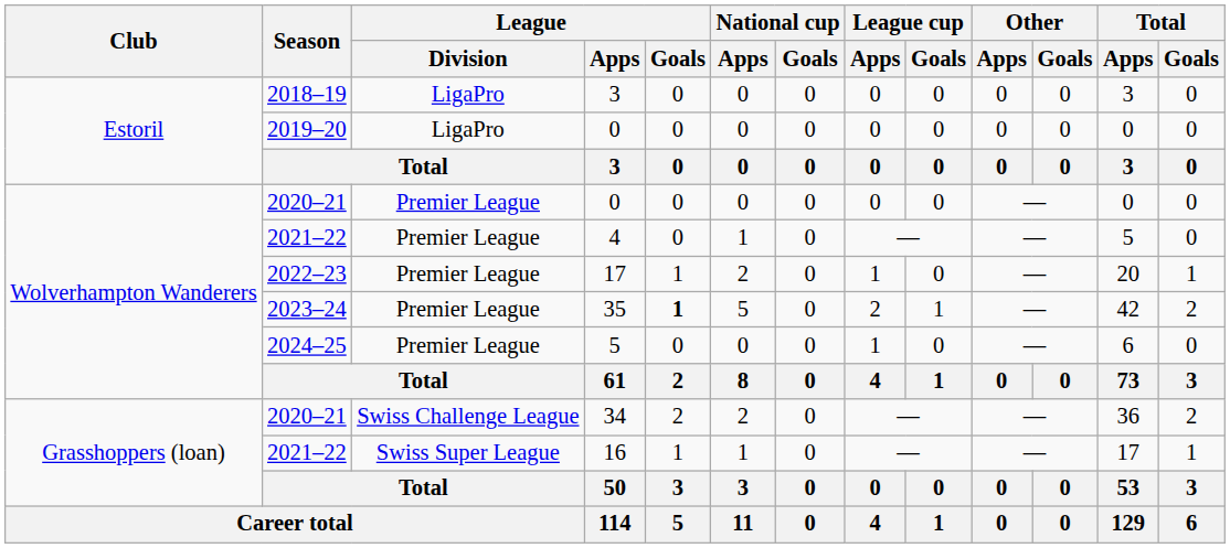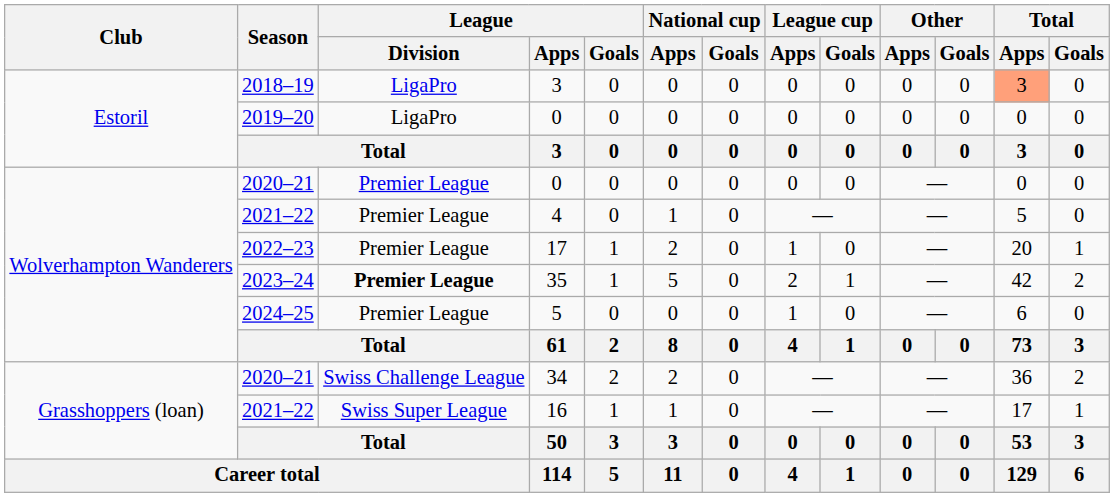 <table class="wikitable" style="text-align: center;">
 <tr>
 <th rowspan="2">Club</th>
 <th rowspan="2">Season</th>
 <th colspan="3">League</th>
 <th colspan="2">National cup</th>
 <th colspan="2">League cup</th>
 <th colspan="2">Other</th>
 <th colspan="2">Total</th>
 </tr>
 <tr>
 <th>Division</th>
 <th>Apps</th>
 <th>Goals</th>
 <th>Apps</th>
 <th>Goals</th>
 <th>Apps</th>
 <th>Goals</th>
 <th>Apps</th>
 <th>Goals</th>
 <th>Apps</th>
 <th>Goals</th>
 </tr>
 <tr>
 <td rowspan="3"><a href='#'>Estoril</a></td>
 <td><a href='#'>2018–19</a></td>
 <td><a href='#'>LigaPro</a></td>
 <td>3</td>
 <td>0</td>
 <td>0</td>
 <td>0</td>
 <td>0</td>
 <td>0</td>
 <td>0</td>
 <td>0</td>
-<td>3</td>
+<td style="background: lightsalmon;">3</td>
 <td>0</td>
 </tr>
 <tr>
 <td><a href='#'>2019–20</a></td>
 <td>LigaPro</td>
 <td>0</td>
 <td>0</td>
 <td>0</td>
 <td>0</td>
 <td>0</td>
 <td>0</td>
 <td>0</td>
 <td>0</td>
 <td>0</td>
 <td>0</td>
 </tr>
 <tr>
 <th colspan="2">Total</th>
 <th>3</th>
 <th>0</th>
 <th>0</th>
 <th>0</th>
 <th>0</th>
 <th>0</th>
 <th>0</th>
 <th>0</th>
 <th>3</th>
 <th>0</th>
 </tr>
 <tr>
 <td rowspan="6"><a href='#'>Wolverhampton Wanderers</a></td>
 <td><a href='#'>2020–21</a></td>
 <td><a href='#'>Premier League</a></td>
 <td>0</td>
 <td>0</td>
 <td>0</td>
 <td>0</td>
 <td>0</td>
 <td>0</td>
 <td colspan="2">—</td>
 <td>0</td>
 <td>0</td>
 </tr>
 <tr>
 <td><a href='#'>2021–22</a></td>
 <td>Premier League</td>
 <td>4</td>
 <td>0</td>
 <td>1</td>
 <td>0</td>
 <td colspan="2">—</td>
 <td colspan="2">—</td>
 <td>5</td>
 <td>0</td>
 </tr>
 <tr>
 <td><a href='#'>2022–23</a></td>
 <td>Premier League</td>
 <td>17</td>
 <td>1</td>
 <td>2</td>
 <td>0</td>
 <td>1</td>
 <td>0</td>
 <td colspan="2">—</td>
 <td>20</td>
 <td>1</td>
 </tr>
 <tr>
 <td><a href='#'>2023–24</a></td>
-<td>Premier League</td>
+<td><strong>Premier League</strong></td>
 <td>35</td>
-<td><strong>1</strong></td>
+<td>1</td>
 <td>5</td>
 <td>0</td>
 <td>2</td>
 <td>1</td>
 <td colspan="2">—</td>
 <td>42</td>
 <td>2</td>
 </tr>
 <tr>
 <td><a href='#'>2024–25</a></td>
 <td>Premier League</td>
 <td>5</td>
 <td>0</td>
 <td>0</td>
 <td>0</td>
 <td>1</td>
 <td>0</td>
 <td colspan="2">—</td>
 <td>6</td>
 <td>0</td>
 </tr>
 <tr>
 <th colspan="2">Total</th>
 <th>61</th>
 <th>2</th>
 <th>8</th>
 <th>0</th>
 <th>4</th>
 <th>1</th>
 <th>0</th>
 <th>0</th>
 <th>73</th>
 <th>3</th>
 </tr>
 <tr>
 <td rowspan="3"><a href='#'>Grasshoppers</a> (loan)</td>
 <td><a href='#'>2020–21</a></td>
 <td><a href='#'>Swiss Challenge League</a></td>
 <td>34</td>
 <td>2</td>
 <td>2</td>
 <td>0</td>
 <td colspan="2">—</td>
 <td colspan="2">—</td>
 <td>36</td>
 <td>2</td>
 </tr>
 <tr>
 <td><a href='#'>2021–22</a></td>
 <td><a href='#'>Swiss Super League</a></td>
 <td>16</td>
 <td>1</td>
 <td>1</td>
 <td>0</td>
 <td colspan="2">—</td>
 <td colspan="2">—</td>
 <td>17</td>
 <td>1</td>
 </tr>
 <tr>
 <th colspan="2">Total</th>
 <th>50</th>
 <th>3</th>
 <th>3</th>
 <th>0</th>
 <th>0</th>
 <th>0</th>
 <th>0</th>
 <th>0</th>
 <th>53</th>
 <th>3</th>
 </tr>
 <tr>
 <th colspan="3">Career total</th>
 <th>114</th>
 <th>5</th>
 <th>11</th>
 <th>0</th>
 <th>4</th>
 <th>1</th>
 <th>0</th>
 <th>0</th>
 <th>129</th>
 <th>6</th>
 </tr>
 </table>
